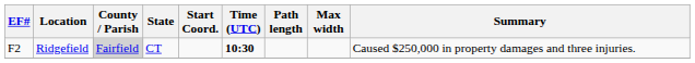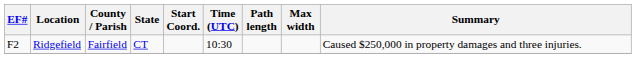 <table class="wikitable sortable" style="width:100%;">
 <tr>
 <th scope="col"  style="width:3%; text-align:center;"><a href='#'>EF#</a></th>
 <th scope="col"  style="width:7%; text-align:center;" class="unsortable">Location</th>
 <th scope="col"  style="width:6%; text-align:center;" class="unsortable">County / Parish</th>
 <th scope="col"  style="width:5%; text-align:center;">State</th>
 <th scope="col"  style="width:6%; text-align:center;">Start Coord.</th>
 <th scope="col"  style="width:6%; text-align:center;">Time (<a href='#'>UTC</a>)</th>
 <th scope="col"  style="width:6%; text-align:center;">Path length</th>
 <th scope="col"  style="width:6%; text-align:center;">Max width</th>
 <th scope="col" class="unsortable" style="width:48%; text-align:center;">Summary</th>
 </tr>
 <tr>
 <td bgcolor=>F2</td>
 <td><a href='#'>Ridgefield</a></td>
-<td style="background: lightgrey;"><a href='#'>Fairfield</a></td>
+<td><a href='#'>Fairfield</a></td>
 <td><a href='#'>CT</a></td>
 <td></td>
-<td><strong>10:30</strong></td>
+<td>10:30</td>
 <td></td>
 <td></td>
 <td>Caused $250,000 in property damages and three injuries.</td>
 </tr>
 <tr>
 </tr>
 </table>
